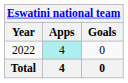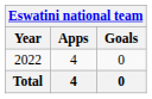 <table class="wikitable" style="text-align:center">
 <tr>
 <th colspan=3><a href='#'>Eswatini national team</a></th>
 </tr>
 <tr>
 <th>Year</th>
 <th>Apps</th>
 <th>Goals</th>
 </tr>
 <tr>
 <td>2022</td>
-<td style="background: paleturquoise;">4</td>
+<td>4</td>
 <td>0</td>
 </tr>
 <tr>
 <th>Total</th>
 <th>4</th>
 <th>0</th>
 </tr>
 </table>
